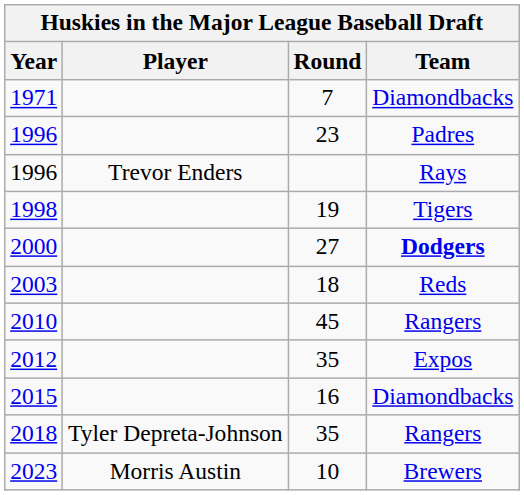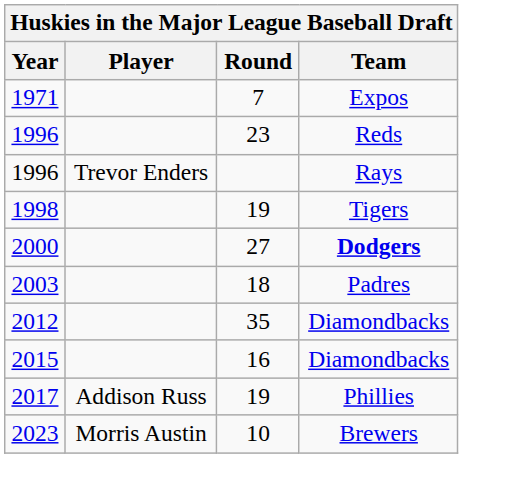 <table class="wikitable sortable collapsible collapsed" style="text-align:center">
 <tr>
 <th colspan=4>Huskies in the Major League Baseball Draft</th>
 </tr>
 <tr>
 <th>Year</th>
 <th>Player</th>
 <th>Round</th>
 <th>Team</th>
 </tr>
 <tr>
 <td><a href='#'>1971</a></td>
 <td></td>
 <td>7</td>
-<td><a href='#'>Diamondbacks</a></td>
+<td><a href='#'>Expos</a></td>
 </tr>
 <tr>
 <td><a href='#'>1996</a></td>
 <td></td>
 <td>23</td>
-<td><a href='#'>Padres</a></td>
+<td><a href='#'>Reds</a></td>
 </tr>
 <tr>
 <td>1996</td>
 <td>Trevor Enders</td>
 <td></td>
 <td><a href='#'>Rays</a></td>
 </tr>
 <tr>
 <td><a href='#'>1998</a></td>
 <td></td>
 <td>19</td>
 <td><a href='#'>Tigers</a></td>
 </tr>
 <tr>
 <td><a href='#'>2000</a></td>
 <td></td>
 <td>27</td>
 <td><strong><a href='#'>Dodgers</a></strong></td>
 </tr>
 <tr>
 <td><a href='#'>2003</a></td>
 <td></td>
 <td>18</td>
-<td><a href='#'>Reds</a></td>
-</tr>
-<tr>
-<td><a href='#'>2010</a></td>
-<td></td>
-<td>45</td>
-<td><a href='#'>Rangers</a></td>
+<td><a href='#'>Padres</a></td>
 </tr>
 <tr>
 <td><a href='#'>2012</a></td>
 <td></td>
 <td>35</td>
-<td><a href='#'>Expos</a></td>
+<td><a href='#'>Diamondbacks</a></td>
 </tr>
 <tr>
 <td><a href='#'>2015</a></td>
 <td></td>
 <td>16</td>
 <td><a href='#'>Diamondbacks</a></td>
 </tr>
 <tr>
-<td><a href='#'>2018</a></td>
-<td>Tyler Depreta-Johnson</td>
-<td>35</td>
-<td><a href='#'>Rangers</a></td>
+<td><a href='#'>2017</a></td>
+<td>Addison Russ</td>
+<td>19</td>
+<td><a href='#'>Phillies</a></td>
 </tr>
 <tr>
 <td><a href='#'>2023</a></td>
 <td>Morris Austin</td>
 <td>10</td>
 <td><a href='#'>Brewers</a></td>
 </tr>
 </table>
